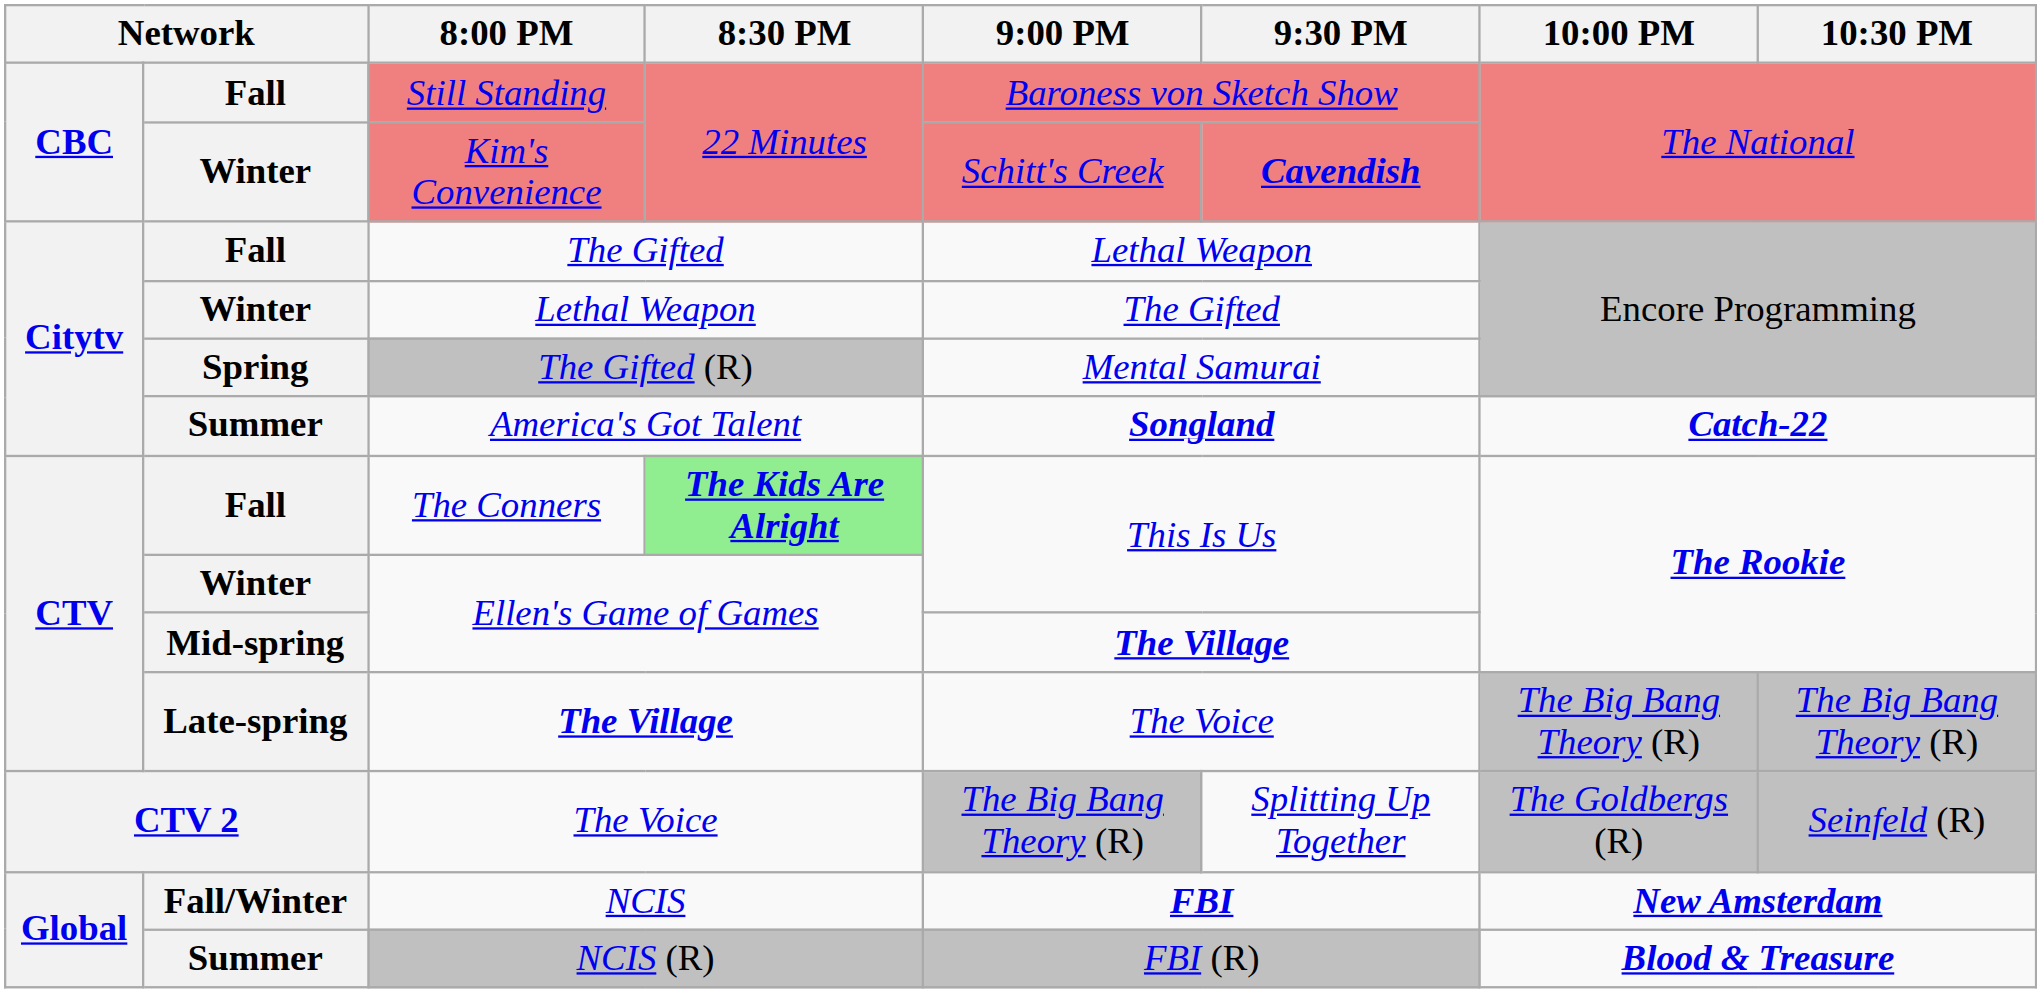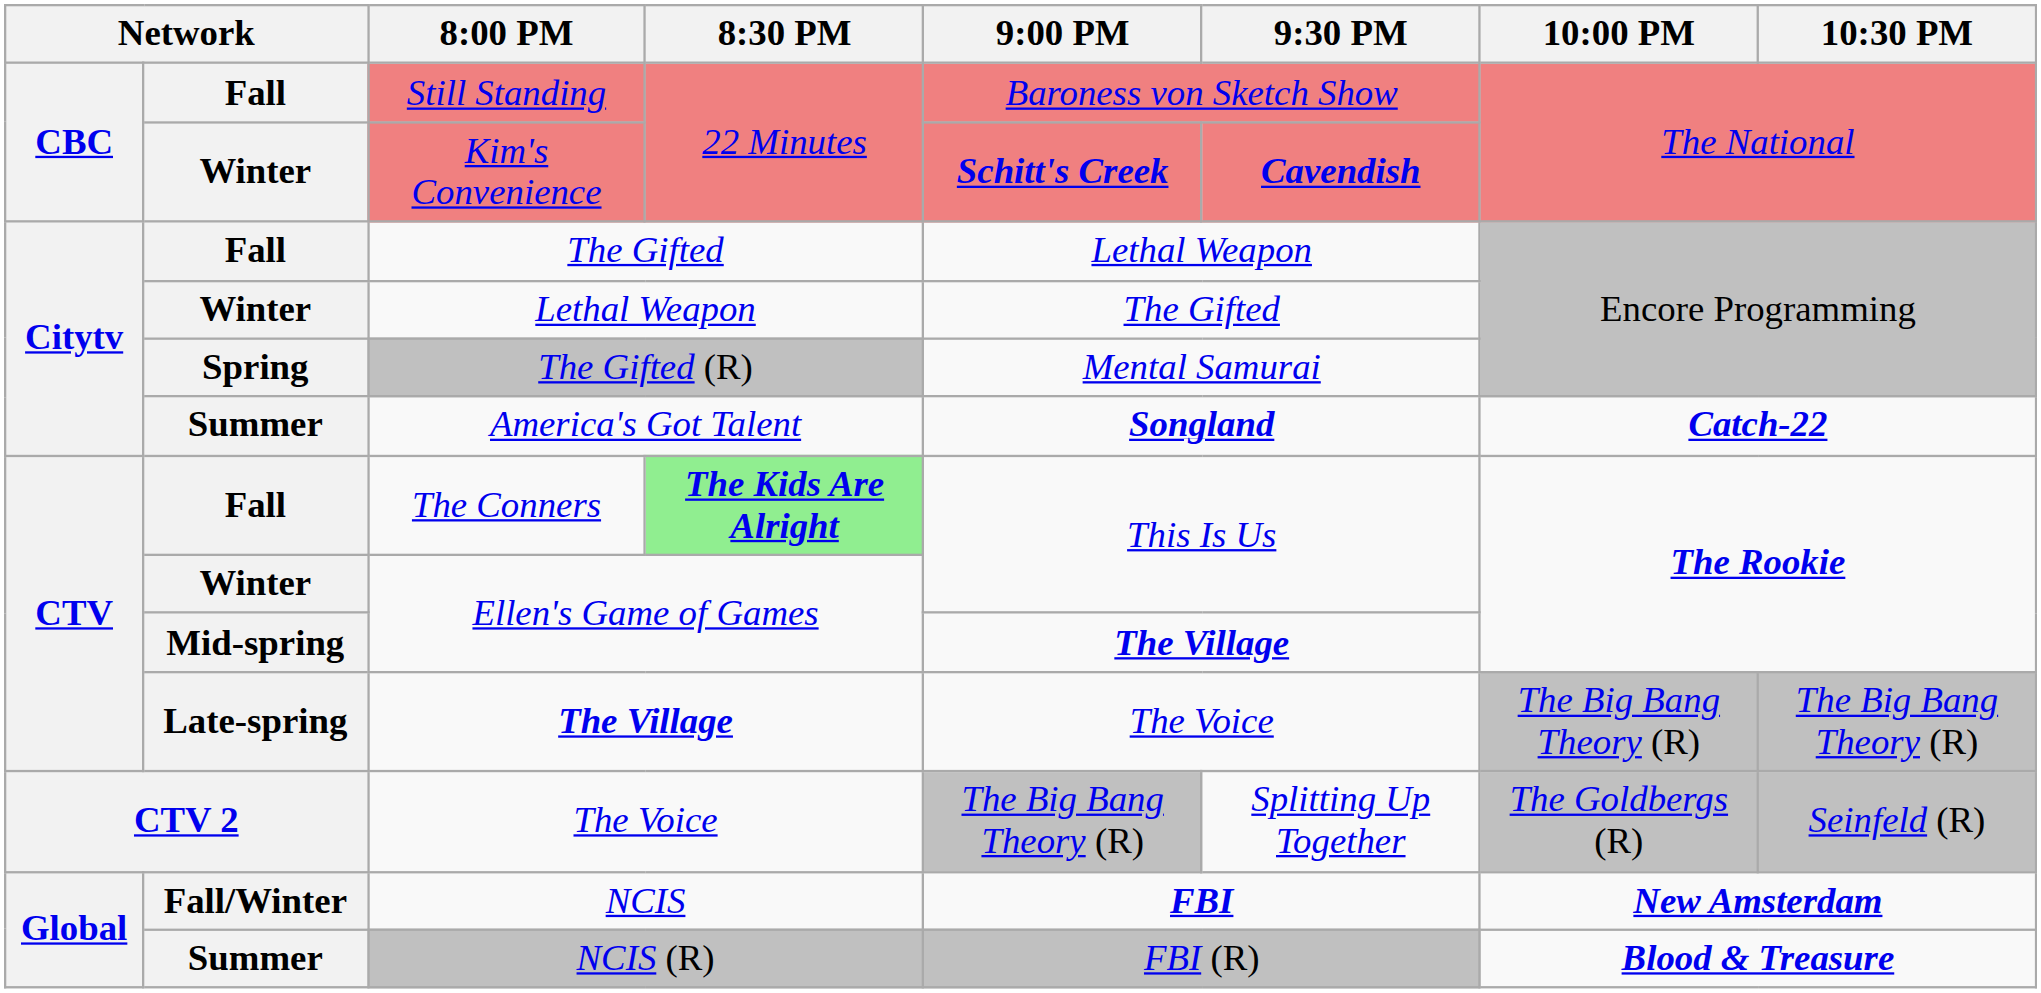 <table class="wikitable" style="width:100%;margin-right:0;text-align:center">
 <tr>
 <th colspan="2" style="width:10%;">Network</th>
 <th style="width:11.5%;">8:00 PM</th>
 <th style="width:11.5%;">8:30 PM</th>
 <th style="width:11.5%;">9:00 PM</th>
 <th style="width:11.5%;">9:30 PM</th>
 <th style="width:11.5%;">10:00 PM</th>
 <th style="width:11.5%;">10:30 PM</th>
 </tr>
 <tr>
 <th rowspan="2"><a href='#'>CBC</a></th>
 <th>Fall</th>
 <td style="background:#f08080;"><em><a href='#'>Still Standing</a></em></td>
 <td rowspan="2" style="background:#f08080;"><em><a href='#'>22 Minutes</a></em></td>
 <td colspan="2" style="background:#f08080;"><em><a href='#'>Baroness von Sketch Show</a></em></td>
 <td rowspan="2" colspan="2" style="background:#f08080;"><em><a href='#'>The National</a></em></td>
 </tr>
 <tr>
 <th>Winter</th>
 <td style="background:#f08080;"><em><a href='#'>Kim's Convenience</a></em></td>
-<td style="background:#f08080;"><em><a href='#'>Schitt's Creek</a></em></td>
+<td style="background:#f08080;"><strong><em><a href='#'>Schitt's Creek</a></em></strong></td>
 <td style="background:#f08080;"><strong><em><a href='#'>Cavendish</a></em></strong></td>
 </tr>
 <tr>
 <th rowspan=4><a href='#'>Citytv</a></th>
 <th>Fall</th>
 <td colspan=2><em><a href='#'>The Gifted</a></em></td>
 <td colspan=2><em><a href='#'>Lethal Weapon</a></em></td>
 <td colspan=2 rowspan=3 style=background:silver>Encore Programming</td>
 </tr>
 <tr>
 <th>Winter</th>
 <td colspan=2><em><a href='#'>Lethal Weapon</a></em></td>
 <td colspan=2><em><a href='#'>The Gifted</a></em></td>
 </tr>
 <tr>
 <th>Spring</th>
 <td colspan=2 style=background:silver><em><a href='#'>The Gifted</a></em> (R)</td>
 <td colspan=2><em><a href='#'>Mental Samurai</a></em></td>
 </tr>
 <tr>
 <th>Summer</th>
 <td colspan=2><em><a href='#'>America's Got Talent</a></em></td>
 <td colspan=2><strong><em><a href='#'>Songland</a></em></strong></td>
 <td colspan=2><strong><em><a href='#'>Catch-22</a></em></strong></td>
 </tr>
 <tr>
 <th rowspan=4><a href='#'>CTV</a></th>
 <th>Fall</th>
 <td><em><a href='#'>The Conners</a></em></td>
 <td style="background: lightgreen;"><strong><em><a href='#'>The Kids Are Alright</a></em></strong></td>
 <td rowspan="2" colspan="2"><em><a href='#'>This Is Us</a></em></td>
 <td rowspan="3" colspan="2"><strong><em><a href='#'>The Rookie</a></em></strong></td>
 </tr>
 <tr>
 <th>Winter</th>
 <td rowspan="2" colspan="2"><em><a href='#'>Ellen's Game of Games</a></em></td>
 </tr>
 <tr>
 <th>Mid-spring</th>
 <td colspan="2"><strong><em><a href='#'>The Village</a></em></strong></td>
 </tr>
 <tr>
 <th>Late-spring</th>
 <td colspan="2"><strong><em><a href='#'>The Village</a></em></strong></td>
 <td colspan="2"><em><a href='#'>The Voice</a></em></td>
 <td style="background:silver;"><em><a href='#'>The Big Bang Theory</a></em> (R)</td>
 <td style="background:silver;"><em><a href='#'>The Big Bang Theory</a></em> (R)</td>
 </tr>
 <tr>
 <th colspan="2"><a href='#'>CTV 2</a></th>
 <td colspan="2"><em><a href='#'>The Voice</a></em></td>
 <td style="background:silver;"><em><a href='#'>The Big Bang Theory</a></em> (R)</td>
 <td><em><a href='#'>Splitting Up Together</a></em></td>
 <td style=background:silver><em><a href='#'>The Goldbergs</a></em> (R)</td>
 <td style=background:silver><em><a href='#'>Seinfeld</a></em> (R)</td>
 </tr>
 <tr>
 <th rowspan=2><a href='#'>Global</a></th>
 <th>Fall/Winter</th>
 <td colspan=2><em><a href='#'>NCIS</a></em></td>
 <td colspan=2><strong><em><a href='#'>FBI</a></em></strong></td>
 <td colspan=2><strong><em><a href='#'>New Amsterdam</a></em></strong></td>
 </tr>
 <tr>
 <th>Summer</th>
 <td colspan=2 style=background:silver><em><a href='#'>NCIS</a></em> (R)</td>
 <td colspan=2 style=background:silver><em><a href='#'>FBI</a></em> (R)</td>
 <td colspan=2><strong><em><a href='#'>Blood & Treasure</a></em></strong></td>
 </tr>
 </table>
